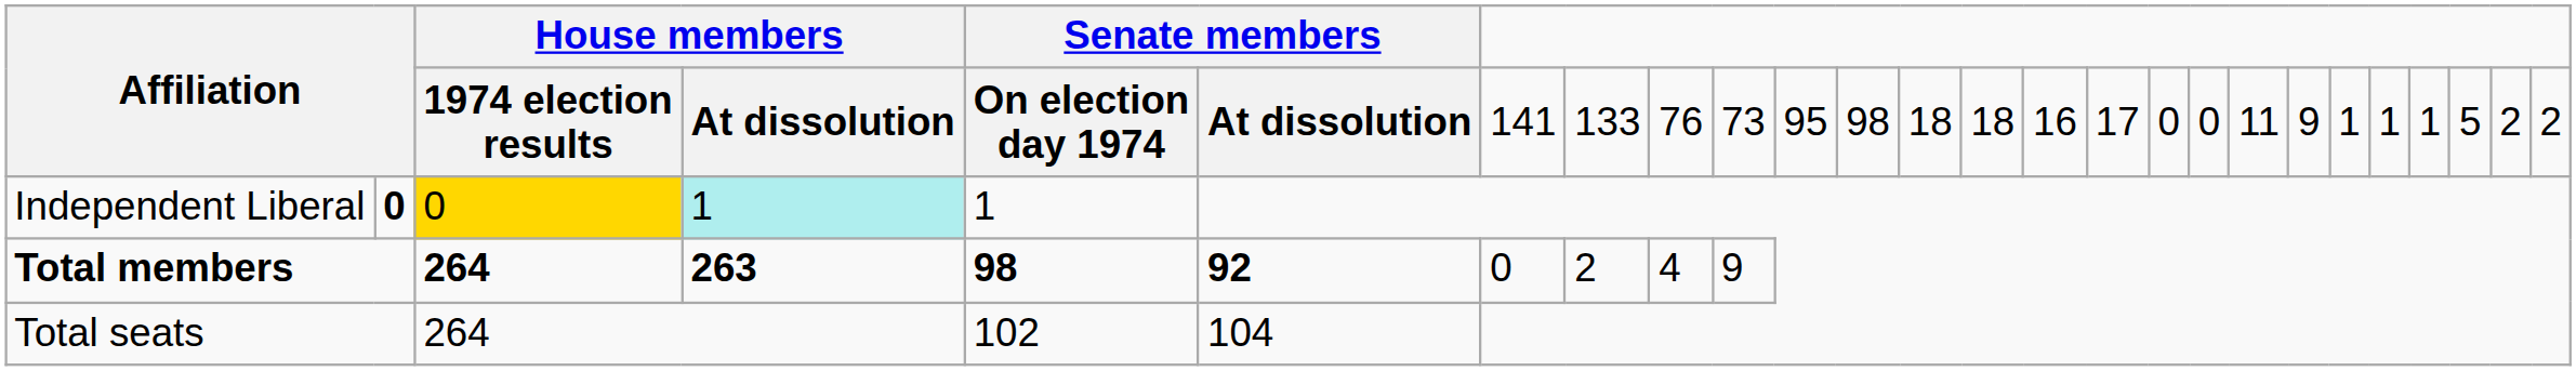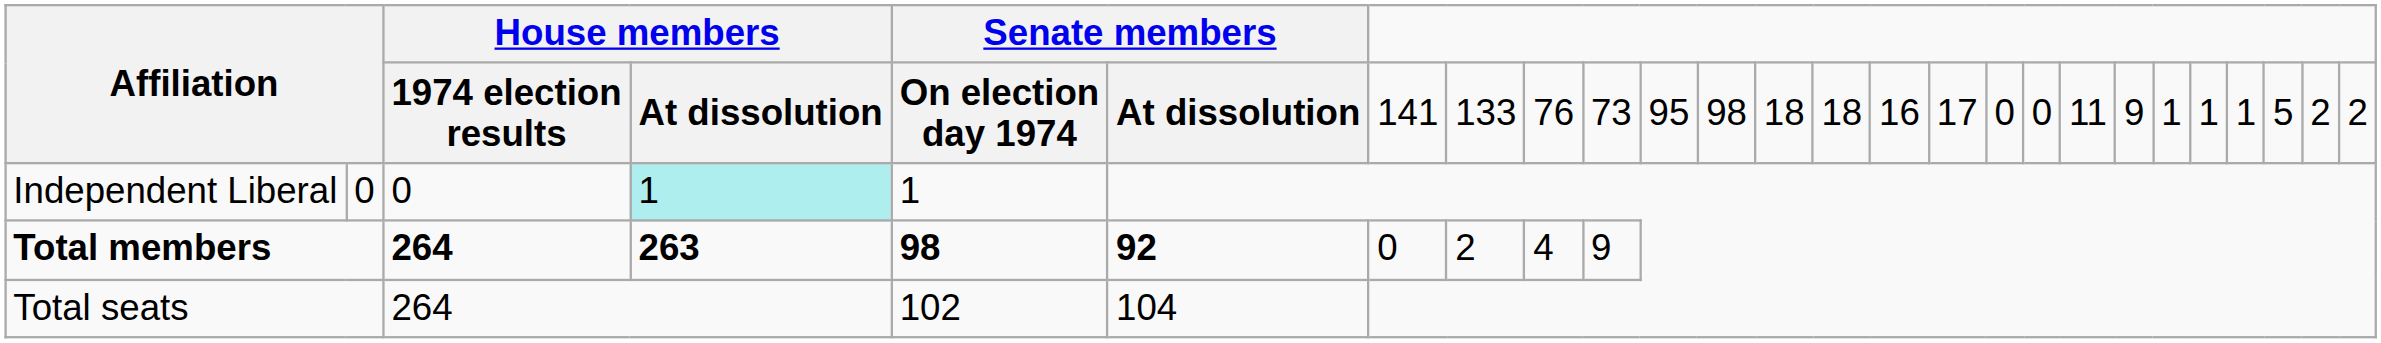 <table class="wikitable" style="margin:1em auto;">
 <tr>
 <th colspan=2 rowspan=2>Affiliation</th>
 <th colspan=2><a href='#'>House members</a></th>
 <th colspan=2><a href='#'>Senate members</a></th>
 </tr>
 <tr>
 <th>1974 election<br>results</th>
 <th>At dissolution</th>
 <th>On election<br>day 1974</th>
 <th>At dissolution<br></th>
 <td>141</td>
 <td>133</td>
 <td>76</td>
 <td>73<br></td>
 <td>95</td>
 <td>98</td>
 <td>18</td>
 <td>18<br></td>
 <td>16</td>
 <td>17</td>
 <td>0</td>
 <td>0<br></td>
 <td>11</td>
 <td>9</td>
 <td>1</td>
 <td>1<br></td>
 <td>1</td>
 <td>5</td>
 <td>2</td>
 <td>2</td>
 </tr>
 <tr>
 <td>Independent Liberal</td>
-<td><strong>0</strong></td>
-<td style="background: gold;">0</td>
+<td>0</td>
+<td>0</td>
 <td style="background: paleturquoise;">1</td>
 <td>1</td>
 </tr>
 <tr>
 <td colspan=2><strong>Total members</strong></td>
 <td><strong>264</strong></td>
 <td><strong>263</strong></td>
 <td><strong>98</strong></td>
 <td><strong>92</strong><br></td>
 <td>0</td>
 <td>2</td>
 <td>4</td>
 <td>9</td>
 </tr>
 <tr>
 <td colspan=2>Total seats</td>
 <td colspan=2>264</td>
 <td>102</td>
 <td>104</td>
 </tr>
 </table>
